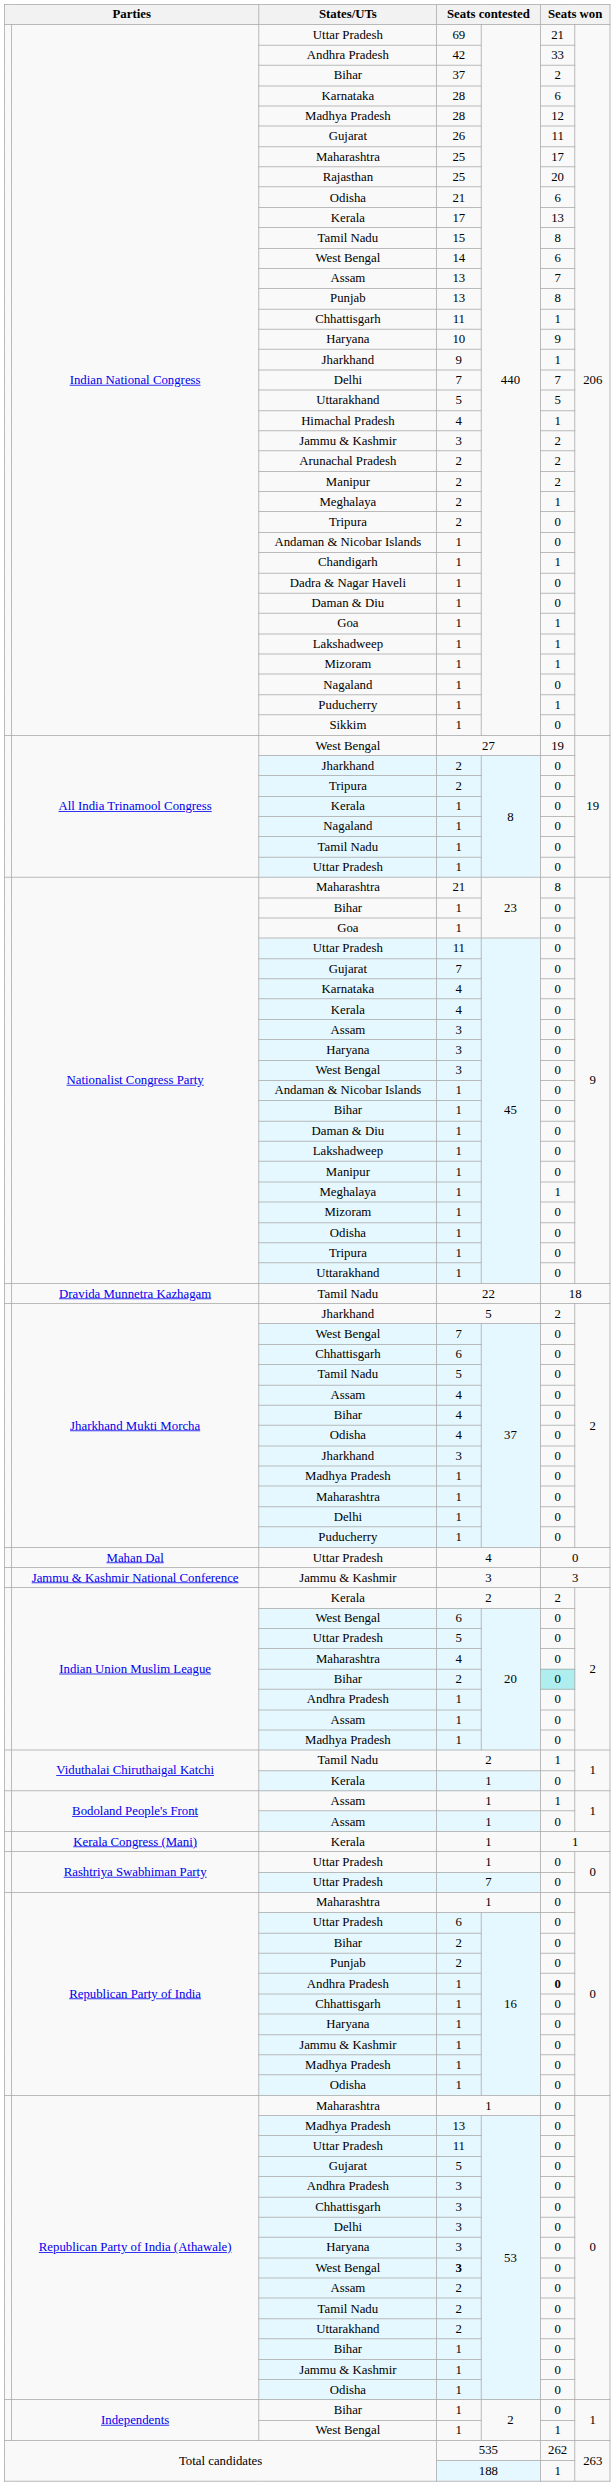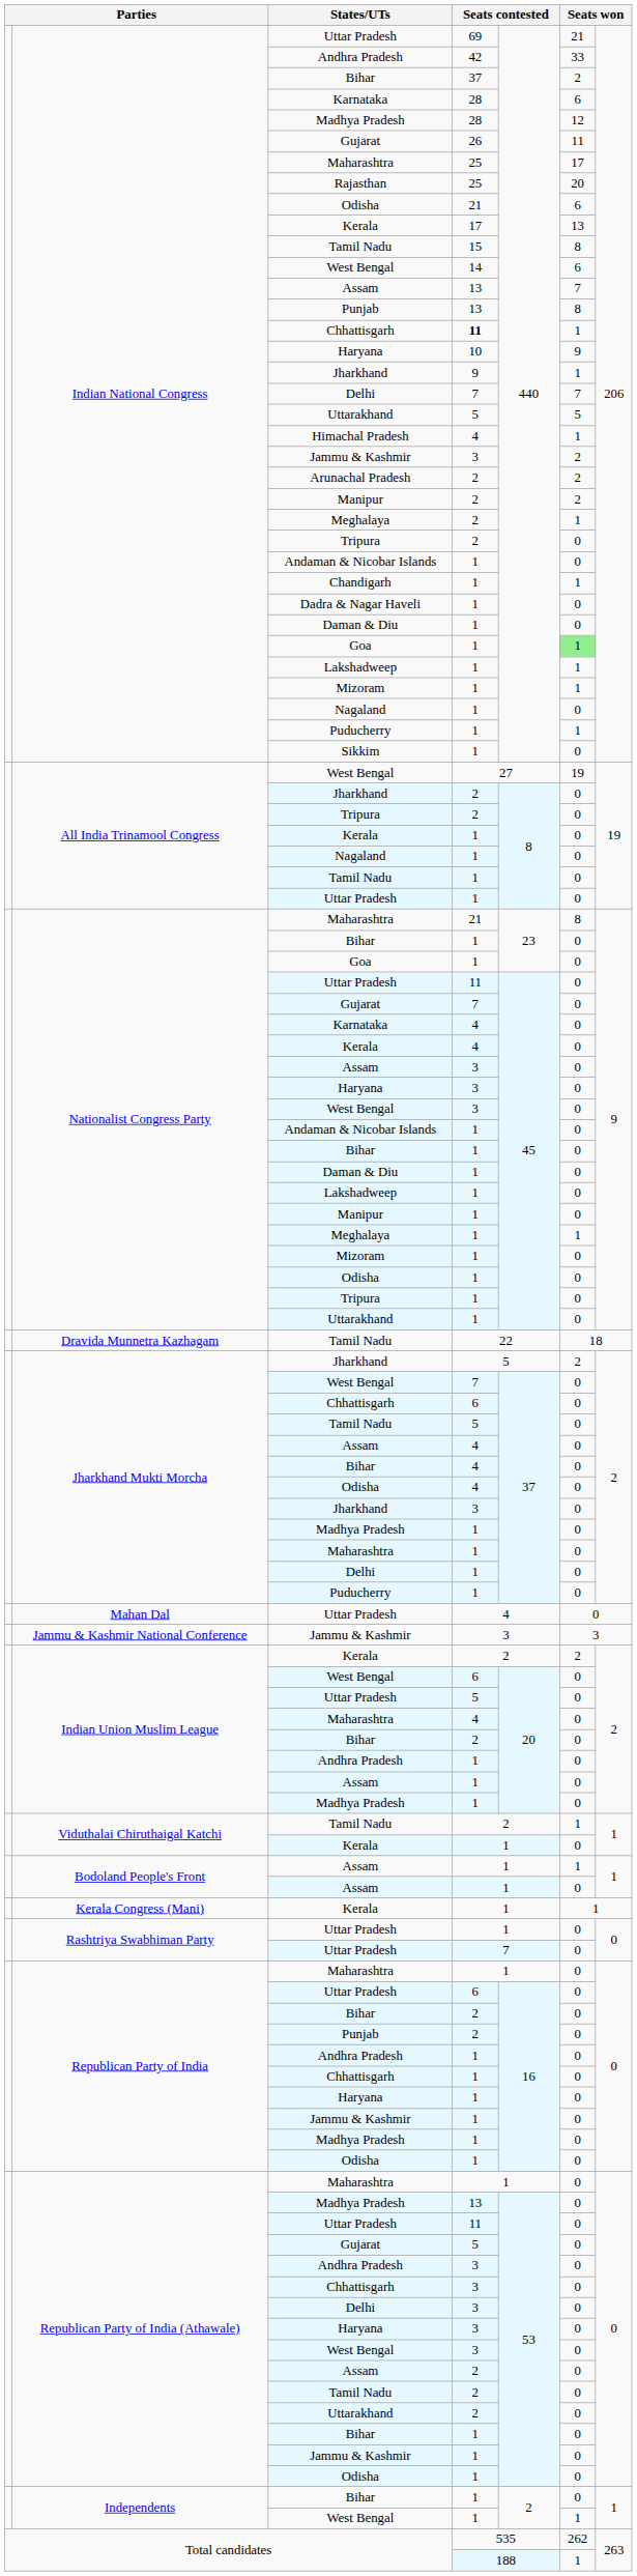 <table class="wikitable sortable sticky-header" style="text-align:center; "width = 60%";>
 <tr>
 <th colspan="2"><strong>Parties</strong></th>
 <th>States/UTs</th>
 <th colspan="2">Seats contested</th>
 <th colspan="2">Seats won</th>
 </tr>
 <tr>
 <td rowspan="35"></td>
 <td rowspan="35"><a href='#'>Indian National Congress</a></td>
 <td>Uttar Pradesh</td>
 <td>69</td>
 <td rowspan="35">440</td>
 <td>21</td>
 <td rowspan="35">206</td>
 </tr>
 <tr>
 <td>Andhra Pradesh</td>
 <td>42</td>
 <td>33</td>
 </tr>
 <tr>
 <td>Bihar</td>
 <td>37</td>
 <td>2</td>
 </tr>
 <tr>
 <td>Karnataka</td>
 <td>28</td>
 <td>6</td>
 </tr>
 <tr>
 <td>Madhya Pradesh</td>
 <td>28</td>
 <td>12</td>
 </tr>
 <tr>
 <td>Gujarat</td>
 <td>26</td>
 <td>11</td>
 </tr>
 <tr>
 <td>Maharashtra</td>
 <td>25</td>
 <td>17</td>
 </tr>
 <tr>
 <td>Rajasthan</td>
 <td>25</td>
 <td>20</td>
 </tr>
 <tr>
 <td>Odisha</td>
 <td>21</td>
 <td>6</td>
 </tr>
 <tr>
 <td>Kerala</td>
 <td>17</td>
 <td>13</td>
 </tr>
 <tr>
 <td>Tamil Nadu</td>
 <td>15</td>
 <td>8</td>
 </tr>
 <tr>
 <td>West Bengal</td>
 <td>14</td>
 <td>6</td>
 </tr>
 <tr>
 <td>Assam</td>
 <td>13</td>
 <td>7</td>
 </tr>
 <tr>
 <td>Punjab</td>
 <td>13</td>
 <td>8</td>
 </tr>
 <tr>
 <td>Chhattisgarh</td>
-<td>11</td>
+<td><strong>11</strong></td>
 <td>1</td>
 </tr>
 <tr>
 <td>Haryana</td>
 <td>10</td>
 <td>9</td>
 </tr>
 <tr>
 <td>Jharkhand</td>
 <td>9</td>
 <td>1</td>
 </tr>
 <tr>
 <td>Delhi</td>
 <td>7</td>
 <td>7</td>
 </tr>
 <tr>
 <td>Uttarakhand</td>
 <td>5</td>
 <td>5</td>
 </tr>
 <tr>
 <td>Himachal Pradesh</td>
 <td>4</td>
 <td>1</td>
 </tr>
 <tr>
 <td>Jammu & Kashmir</td>
 <td>3</td>
 <td>2</td>
 </tr>
 <tr>
 <td>Arunachal Pradesh</td>
 <td>2</td>
 <td>2</td>
 </tr>
 <tr>
 <td>Manipur</td>
 <td>2</td>
 <td>2</td>
 </tr>
 <tr>
 <td>Meghalaya</td>
 <td>2</td>
 <td>1</td>
 </tr>
 <tr>
 <td>Tripura</td>
 <td>2</td>
 <td>0</td>
 </tr>
 <tr>
 <td>Andaman & Nicobar Islands</td>
 <td>1</td>
 <td>0</td>
 </tr>
 <tr>
 <td>Chandigarh</td>
 <td>1</td>
 <td>1</td>
 </tr>
 <tr>
 <td>Dadra & Nagar Haveli</td>
 <td>1</td>
 <td>0</td>
 </tr>
 <tr>
 <td>Daman & Diu</td>
 <td>1</td>
 <td>0</td>
 </tr>
 <tr>
 <td>Goa</td>
 <td>1</td>
-<td>1</td>
+<td style="background: lightgreen;">1</td>
 </tr>
 <tr>
 <td>Lakshadweep</td>
 <td>1</td>
 <td>1</td>
 </tr>
 <tr>
 <td>Mizoram</td>
 <td>1</td>
 <td>1</td>
 </tr>
 <tr>
 <td>Nagaland</td>
 <td>1</td>
 <td>0</td>
 </tr>
 <tr>
 <td>Puducherry</td>
 <td>1</td>
 <td>1</td>
 </tr>
 <tr>
 <td>Sikkim</td>
 <td>1</td>
 <td>0</td>
 </tr>
 <tr>
 <td rowspan="7"></td>
 <td rowspan="7"><a href='#'>All India Trinamool Congress</a></td>
 <td>West Bengal</td>
 <td colspan="2">27</td>
 <td>19</td>
 <td rowspan="7">19</td>
 </tr>
 <tr>
 <td style="background:#E5F8FF">Jharkhand</td>
 <td style="background:#E5F8FF">2</td>
 <td rowspan="6" style="background:#E5F8FF">8</td>
 <td>0</td>
 </tr>
 <tr>
 <td style="background:#E5F8FF">Tripura</td>
 <td style="background:#E5F8FF">2</td>
 <td>0</td>
 </tr>
 <tr>
 <td style="background:#E5F8FF">Kerala</td>
 <td style="background:#E5F8FF">1</td>
 <td>0</td>
 </tr>
 <tr>
 <td style="background:#E5F8FF">Nagaland</td>
 <td style="background:#E5F8FF">1</td>
 <td>0</td>
 </tr>
 <tr>
 <td style="background:#E5F8FF">Tamil Nadu</td>
 <td style="background:#E5F8FF">1</td>
 <td>0</td>
 </tr>
 <tr>
 <td style="background:#E5F8FF">Uttar Pradesh</td>
 <td style="background:#E5F8FF">1</td>
 <td>0</td>
 </tr>
 <tr>
 <td rowspan="20"></td>
 <td rowspan="20"><a href='#'>Nationalist Congress Party</a></td>
 <td>Maharashtra</td>
 <td>21</td>
 <td rowspan="3">23</td>
 <td>8</td>
 <td rowspan="20">9</td>
 </tr>
 <tr>
 <td>Bihar</td>
 <td>1</td>
 <td>0</td>
 </tr>
 <tr>
 <td>Goa</td>
 <td>1</td>
 <td>0</td>
 </tr>
 <tr>
 <td style="background:#E5F8FF">Uttar Pradesh</td>
 <td style="background:#E5F8FF">11</td>
 <td rowspan="17" style="background:#E5F8FF">45</td>
 <td>0</td>
 </tr>
 <tr>
 <td style="background:#E5F8FF">Gujarat</td>
 <td style="background:#E5F8FF">7</td>
 <td>0</td>
 </tr>
 <tr>
 <td style="background:#E5F8FF">Karnataka</td>
 <td style="background:#E5F8FF">4</td>
 <td>0</td>
 </tr>
 <tr>
 <td style="background:#E5F8FF">Kerala</td>
 <td style="background:#E5F8FF">4</td>
 <td>0</td>
 </tr>
 <tr>
 <td style="background:#E5F8FF">Assam</td>
 <td style="background:#E5F8FF">3</td>
 <td>0</td>
 </tr>
 <tr>
 <td style="background:#E5F8FF">Haryana</td>
 <td style="background:#E5F8FF">3</td>
 <td>0</td>
 </tr>
 <tr>
 <td style="background:#E5F8FF">West Bengal</td>
 <td style="background:#E5F8FF">3</td>
 <td>0</td>
 </tr>
 <tr>
 <td style="background:#E5F8FF">Andaman & Nicobar Islands</td>
 <td style="background:#E5F8FF">1</td>
 <td>0</td>
 </tr>
 <tr>
 <td style="background:#E5F8FF">Bihar</td>
 <td style="background:#E5F8FF">1</td>
 <td>0</td>
 </tr>
 <tr>
 <td style="background:#E5F8FF">Daman & Diu</td>
 <td style="background:#E5F8FF">1</td>
 <td>0</td>
 </tr>
 <tr>
 <td style="background:#E5F8FF">Lakshadweep</td>
 <td style="background:#E5F8FF">1</td>
 <td>0</td>
 </tr>
 <tr>
 <td style="background:#E5F8FF">Manipur</td>
 <td style="background:#E5F8FF">1</td>
 <td>0</td>
 </tr>
 <tr>
 <td style="background:#E5F8FF">Meghalaya</td>
 <td style="background:#E5F8FF">1</td>
 <td>1</td>
 </tr>
 <tr>
 <td style="background:#E5F8FF">Mizoram</td>
 <td style="background:#E5F8FF">1</td>
 <td>0</td>
 </tr>
 <tr>
 <td style="background:#E5F8FF">Odisha</td>
 <td style="background:#E5F8FF">1</td>
 <td>0</td>
 </tr>
 <tr>
 <td style="background:#E5F8FF">Tripura</td>
 <td style="background:#E5F8FF">1</td>
 <td>0</td>
 </tr>
 <tr>
 <td style="background:#E5F8FF">Uttarakhand</td>
 <td style="background:#E5F8FF">1</td>
 <td>0</td>
 </tr>
 <tr>
 <td></td>
 <td><a href='#'>Dravida Munnetra Kazhagam</a></td>
 <td>Tamil Nadu</td>
 <td colspan="2">22</td>
 <td colspan="2">18</td>
 </tr>
 <tr>
 <td rowspan="12"></td>
 <td rowspan="12"><a href='#'>Jharkhand Mukti Morcha</a></td>
 <td>Jharkhand</td>
 <td colspan="2">5</td>
 <td>2</td>
 <td rowspan="12">2</td>
 </tr>
 <tr>
 <td style="background:#E5F8FF">West Bengal</td>
 <td style="background:#E5F8FF">7</td>
 <td rowspan="11" style="background:#E5F8FF">37</td>
 <td>0</td>
 </tr>
 <tr>
 <td style="background:#E5F8FF">Chhattisgarh</td>
 <td style="background:#E5F8FF">6</td>
 <td>0</td>
 </tr>
 <tr>
 <td style="background:#E5F8FF">Tamil Nadu</td>
 <td style="background:#E5F8FF">5</td>
 <td>0</td>
 </tr>
 <tr>
 <td style="background:#E5F8FF">Assam</td>
 <td style="background:#E5F8FF">4</td>
 <td>0</td>
 </tr>
 <tr>
 <td style="background:#E5F8FF">Bihar</td>
 <td style="background:#E5F8FF">4</td>
 <td>0</td>
 </tr>
 <tr>
 <td style="background:#E5F8FF">Odisha</td>
 <td style="background:#E5F8FF">4</td>
 <td>0</td>
 </tr>
 <tr>
 <td style="background:#E5F8FF">Jharkhand</td>
 <td style="background:#E5F8FF">3</td>
 <td>0</td>
 </tr>
 <tr>
 <td style="background:#E5F8FF">Madhya Pradesh</td>
 <td style="background:#E5F8FF">1</td>
 <td>0</td>
 </tr>
 <tr>
 <td style="background:#E5F8FF">Maharashtra</td>
 <td style="background:#E5F8FF">1</td>
 <td>0</td>
 </tr>
 <tr>
 <td style="background:#E5F8FF">Delhi</td>
 <td style="background:#E5F8FF">1</td>
 <td>0</td>
 </tr>
 <tr>
 <td style="background:#E5F8FF">Puducherry</td>
 <td style="background:#E5F8FF">1</td>
 <td>0</td>
 </tr>
 <tr>
 <td></td>
 <td><a href='#'>Mahan Dal</a></td>
 <td>Uttar Pradesh</td>
 <td colspan="2">4</td>
 <td colspan="2">0</td>
 </tr>
 <tr>
 <td></td>
 <td><a href='#'>Jammu & Kashmir National Conference</a></td>
 <td>Jammu & Kashmir</td>
 <td colspan="2">3</td>
 <td colspan="2">3</td>
 </tr>
 <tr>
 <td rowspan="8"></td>
 <td rowspan="8"><a href='#'>Indian Union Muslim League</a></td>
 <td>Kerala</td>
 <td colspan="2">2</td>
 <td>2</td>
 <td rowspan="8">2</td>
 </tr>
 <tr>
 <td style="background:#E5F8FF">West Bengal</td>
 <td style="background:#E5F8FF">6</td>
 <td rowspan="7" style="background:#E5F8FF">20</td>
 <td>0</td>
 </tr>
 <tr>
 <td style="background:#E5F8FF">Uttar Pradesh</td>
 <td style="background:#E5F8FF">5</td>
 <td>0</td>
 </tr>
 <tr>
 <td style="background:#E5F8FF">Maharashtra</td>
 <td style="background:#E5F8FF">4</td>
 <td>0</td>
 </tr>
 <tr>
 <td style="background:#E5F8FF">Bihar</td>
 <td style="background:#E5F8FF">2</td>
-<td style="background: paleturquoise;">0</td>
+<td>0</td>
 </tr>
 <tr>
 <td style="background:#E5F8FF">Andhra Pradesh</td>
 <td style="background:#E5F8FF">1</td>
 <td>0</td>
 </tr>
 <tr>
 <td style="background:#E5F8FF">Assam</td>
 <td style="background:#E5F8FF">1</td>
 <td>0</td>
 </tr>
 <tr>
 <td style="background:#E5F8FF">Madhya Pradesh</td>
 <td style="background:#E5F8FF">1</td>
 <td>0</td>
 </tr>
 <tr>
 <td rowspan="2"></td>
 <td rowspan="2"><a href='#'>Viduthalai Chiruthaigal Katchi</a></td>
 <td>Tamil Nadu</td>
 <td colspan="2">2</td>
 <td>1</td>
 <td rowspan="2">1</td>
 </tr>
 <tr>
 <td style="background:#E5F8FF">Kerala</td>
 <td colspan="2" style="background:#E5F8FF">1</td>
 <td>0</td>
 </tr>
 <tr>
 <td rowspan="2"></td>
 <td rowspan="2"><a href='#'>Bodoland People's Front</a></td>
 <td>Assam</td>
 <td colspan="2">1</td>
 <td>1</td>
 <td rowspan="2">1</td>
 </tr>
 <tr>
 <td style="background:#E5F8FF">Assam</td>
 <td colspan="2" style="background:#E5F8FF">1</td>
 <td>0</td>
 </tr>
 <tr>
 <td></td>
 <td><a href='#'>Kerala Congress (Mani)</a></td>
 <td>Kerala</td>
 <td colspan="2">1</td>
 <td colspan="2">1</td>
 </tr>
 <tr>
 <td rowspan="2"></td>
 <td rowspan="2"><a href='#'>Rashtriya Swabhiman Party</a></td>
 <td>Uttar Pradesh</td>
 <td colspan="2">1</td>
 <td>0</td>
 <td rowspan="2">0</td>
 </tr>
 <tr>
 <td style="background:#E5F8FF">Uttar Pradesh</td>
 <td colspan="2" style="background:#E5F8FF">7</td>
 <td>0</td>
 </tr>
 <tr>
 <td rowspan="10"></td>
 <td rowspan="10"><a href='#'>Republican Party of India</a></td>
 <td>Maharashtra</td>
 <td colspan="2">1</td>
 <td>0</td>
 <td rowspan="10">0</td>
 </tr>
 <tr>
 <td style="background:#E5F8FF">Uttar Pradesh</td>
 <td style="background:#E5F8FF">6</td>
 <td rowspan="9" style="background:#E5F8FF">16</td>
 <td>0</td>
 </tr>
 <tr>
 <td style="background:#E5F8FF">Bihar</td>
 <td style="background:#E5F8FF">2</td>
 <td>0</td>
 </tr>
 <tr>
 <td style="background:#E5F8FF">Punjab</td>
 <td style="background:#E5F8FF">2</td>
 <td>0</td>
 </tr>
 <tr>
 <td style="background:#E5F8FF">Andhra Pradesh</td>
 <td style="background:#E5F8FF">1</td>
-<td><strong>0</strong></td>
+<td>0</td>
 </tr>
 <tr>
 <td style="background:#E5F8FF">Chhattisgarh</td>
 <td style="background:#E5F8FF">1</td>
 <td>0</td>
 </tr>
 <tr>
 <td style="background:#E5F8FF">Haryana</td>
 <td style="background:#E5F8FF">1</td>
 <td>0</td>
 </tr>
 <tr>
 <td style="background:#E5F8FF">Jammu & Kashmir</td>
 <td style="background:#E5F8FF">1</td>
 <td>0</td>
 </tr>
 <tr>
 <td style="background:#E5F8FF">Madhya Pradesh</td>
 <td style="background:#E5F8FF">1</td>
 <td>0</td>
 </tr>
 <tr>
 <td style="background:#E5F8FF">Odisha</td>
 <td style="background:#E5F8FF">1</td>
 <td>0</td>
 </tr>
 <tr>
 <td rowspan="15"></td>
 <td rowspan="15"><a href='#'>Republican Party of India (Athawale)</a></td>
 <td>Maharashtra</td>
 <td colspan="2">1</td>
 <td>0</td>
 <td rowspan="15">0</td>
 </tr>
 <tr>
 <td style="background:#E5F8FF">Madhya Pradesh</td>
 <td style="background:#E5F8FF">13</td>
 <td rowspan="14" style="background:#E5F8FF">53</td>
 <td>0</td>
 </tr>
 <tr>
 <td style="background:#E5F8FF">Uttar Pradesh</td>
 <td style="background:#E5F8FF">11</td>
 <td>0</td>
 </tr>
 <tr>
 <td style="background:#E5F8FF">Gujarat</td>
 <td style="background:#E5F8FF">5</td>
 <td>0</td>
 </tr>
 <tr>
 <td style="background:#E5F8FF">Andhra Pradesh</td>
 <td style="background:#E5F8FF">3</td>
 <td>0</td>
 </tr>
 <tr>
 <td style="background:#E5F8FF">Chhattisgarh</td>
 <td style="background:#E5F8FF">3</td>
 <td>0</td>
 </tr>
 <tr>
 <td style="background:#E5F8FF">Delhi</td>
 <td style="background:#E5F8FF">3</td>
 <td>0</td>
 </tr>
 <tr>
 <td style="background:#E5F8FF">Haryana</td>
 <td style="background:#E5F8FF">3</td>
 <td>0</td>
 </tr>
 <tr>
 <td style="background:#E5F8FF">West Bengal</td>
-<td style="background:#E5F8FF"><strong>3</strong></td>
+<td style="background:#E5F8FF">3</td>
 <td>0</td>
 </tr>
 <tr>
 <td style="background:#E5F8FF">Assam</td>
 <td style="background:#E5F8FF">2</td>
 <td>0</td>
 </tr>
 <tr>
 <td style="background:#E5F8FF">Tamil Nadu</td>
 <td style="background:#E5F8FF">2</td>
 <td>0</td>
 </tr>
 <tr>
 <td style="background:#E5F8FF">Uttarakhand</td>
 <td style="background:#E5F8FF">2</td>
 <td>0</td>
 </tr>
 <tr>
 <td style="background:#E5F8FF">Bihar</td>
 <td style="background:#E5F8FF">1</td>
 <td>0</td>
 </tr>
 <tr>
 <td style="background:#E5F8FF">Jammu & Kashmir</td>
 <td style="background:#E5F8FF">1</td>
 <td>0</td>
 </tr>
 <tr>
 <td style="background:#E5F8FF">Odisha</td>
 <td style="background:#E5F8FF">1</td>
 <td>0</td>
 </tr>
 <tr>
 <td rowspan="2"></td>
 <td rowspan="2"><a href='#'>Independents</a></td>
 <td>Bihar</td>
 <td>1</td>
 <td rowspan="2">2</td>
 <td>0</td>
 <td rowspan="2">1</td>
 </tr>
 <tr>
 <td>West Bengal</td>
 <td>1</td>
 <td>1</td>
 </tr>
 <tr>
 <td rowspan="2" colspan="3">Total candidates</td>
 <td colspan="2">535</td>
 <td>262</td>
 <td rowspan="2">263</td>
 </tr>
 <tr>
 <td colspan="2" style="background:#E5F8FF">188</td>
 <td>1</td>
 </tr>
 </table>
